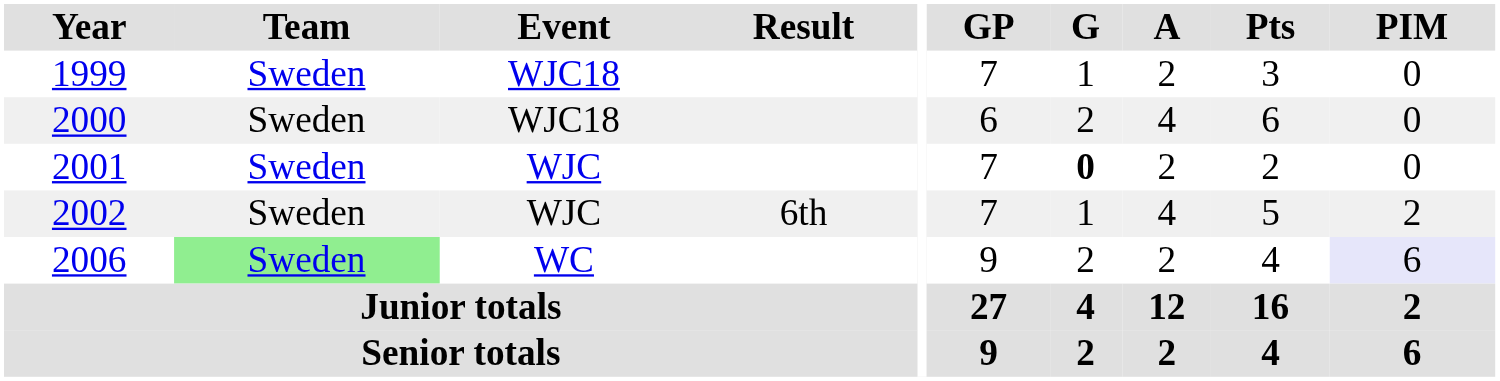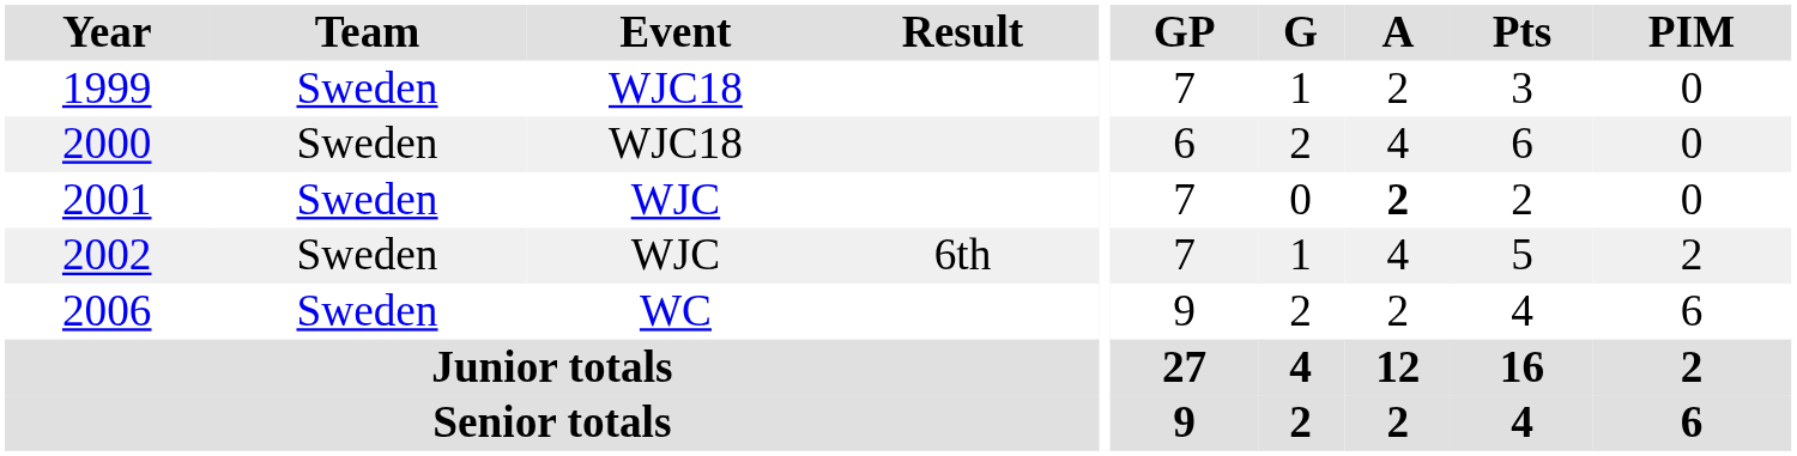 <table border="0" cellpadding="1" cellspacing="0" ID="Table3" style="text-align:center; width:40em">
 <tr ALIGN="center" bgcolor="#e0e0e0">
 <th>Year</th>
 <th>Team</th>
 <th>Event</th>
 <th>Result</th>
 <th rowspan="99" bgcolor="#ffffff"></th>
 <th>GP</th>
 <th>G</th>
 <th>A</th>
 <th>Pts</th>
 <th>PIM</th>
 </tr>
 <tr>
 <td><a href='#'>1999</a></td>
 <td><a href='#'>Sweden</a></td>
 <td><a href='#'>WJC18</a></td>
 <td></td>
 <td>7</td>
 <td>1</td>
 <td>2</td>
 <td>3</td>
 <td>0</td>
 </tr>
 <tr bgcolor="#f0f0f0">
 <td><a href='#'>2000</a></td>
 <td>Sweden</td>
 <td>WJC18</td>
 <td></td>
 <td>6</td>
 <td>2</td>
 <td>4</td>
 <td>6</td>
 <td>0</td>
 </tr>
 <tr>
 <td><a href='#'>2001</a></td>
 <td><a href='#'>Sweden</a></td>
 <td><a href='#'>WJC</a></td>
 <td></td>
 <td>7</td>
-<td><strong>0</strong></td>
-<td>2</td>
+<td>0</td>
+<td><strong>2</strong></td>
 <td>2</td>
 <td>0</td>
 </tr>
 <tr bgcolor="#f0f0f0">
 <td><a href='#'>2002</a></td>
 <td>Sweden</td>
 <td>WJC</td>
 <td>6th</td>
 <td>7</td>
 <td>1</td>
 <td>4</td>
 <td>5</td>
 <td>2</td>
 </tr>
 <tr>
 <td><a href='#'>2006</a></td>
-<td style="background: lightgreen;"><a href='#'>Sweden</a></td>
+<td><a href='#'>Sweden</a></td>
 <td><a href='#'>WC</a></td>
 <td></td>
 <td>9</td>
 <td>2</td>
 <td>2</td>
 <td>4</td>
-<td style="background: lavender;">6</td>
+<td>6</td>
 </tr>
 <tr bgcolor="#e0e0e0">
 <th colspan="4">Junior totals</th>
 <th>27</th>
 <th>4</th>
 <th>12</th>
 <th>16</th>
 <th>2</th>
 </tr>
 <tr bgcolor="#e0e0e0">
 <th colspan="4">Senior totals</th>
 <th>9</th>
 <th>2</th>
 <th>2</th>
 <th>4</th>
 <th>6</th>
 </tr>
 </table>
